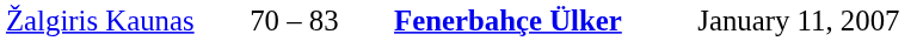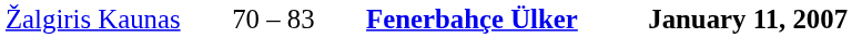 <table style="text-align:center">
 <tr>
 <th width=160></th>
 <th width=100></th>
 <th width=160></th>
 <th width=200></th>
 </tr>
 <tr>
 <td align=right><a href='#'>Žalgiris Kaunas</a> </td>
 <td>70 – 83</td>
 <td align=left> <strong><a href='#'>Fenerbahçe Ülker</a></strong></td>
-<td align=left>January 11, 2007</td>
+<td align=left><strong>January 11, 2007</strong></td>
 </tr>
 </table>
